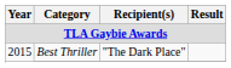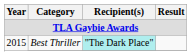 <table class=wikitable style="text-align:center;">
 <tr bgcolor="#CCCCCC">
 <th>Year</th>
 <th>Category</th>
 <th>Recipient(s)</th>
 <th>Result</th>
 </tr>
 <tr style="background:#ddd;">
 <td colspan=5><strong><a href='#'>TLA Gaybie Awards</a></strong></td>
 </tr>
 <tr>
 <td rowspan=3>2015</td>
 <td><em>Best Thriller</em></td>
-<td>"The Dark Place"</td>
+<td style="background: paleturquoise;">"The Dark Place"</td>
 <td></td>
 </tr>
 <tr>
 </tr>
 </table>
